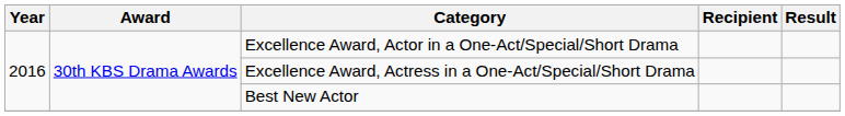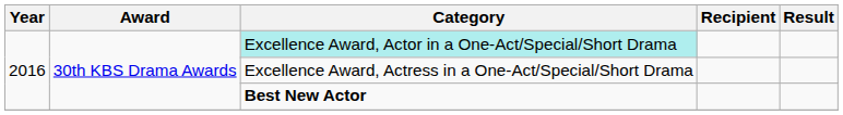 <table class="wikitable">
 <tr>
 <th>Year</th>
 <th>Award</th>
 <th>Category</th>
 <th>Recipient</th>
 <th>Result</th>
 </tr>
 <tr>
 <td rowspan=3 style="text-align:center;">2016</td>
 <td rowspan=3><a href='#'>30th KBS Drama Awards</a></td>
-<td>Excellence Award, Actor in a One-Act/Special/Short Drama</td>
+<td style="background: paleturquoise;">Excellence Award, Actor in a One-Act/Special/Short Drama</td>
 <td></td>
 <td></td>
 </tr>
 <tr>
 <td>Excellence Award, Actress in a One-Act/Special/Short Drama</td>
 <td></td>
 <td></td>
 </tr>
 <tr>
-<td>Best New Actor</td>
+<td><strong>Best New Actor</strong></td>
 <td></td>
 <td></td>
 </tr>
 <tr>
 </tr>
 </table>
